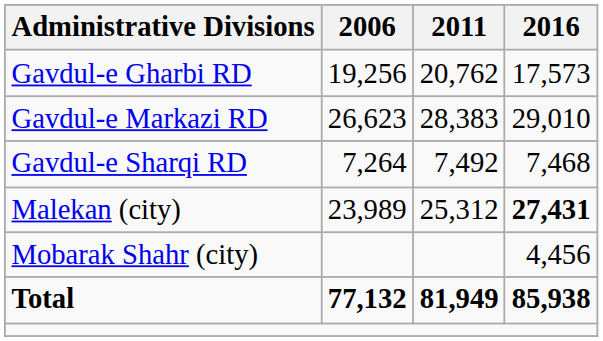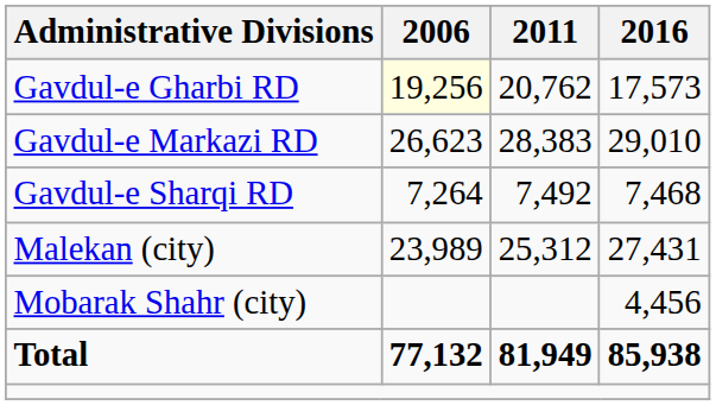 <table class="wikitable">
 <tr>
 <th>Administrative Divisions</th>
 <th>2006</th>
 <th>2011</th>
 <th>2016</th>
 </tr>
 <tr>
 <td><a href='#'>Gavdul-e Gharbi RD</a></td>
-<td style="text-align: right;">19,256</td>
+<td style="background: lightyellow; text-align: right;">19,256</td>
 <td style="text-align: right;">20,762</td>
 <td style="text-align: right;">17,573</td>
 </tr>
 <tr>
 <td><a href='#'>Gavdul-e Markazi RD</a></td>
 <td style="text-align: right;">26,623</td>
 <td style="text-align: right;">28,383</td>
 <td style="text-align: right;">29,010</td>
 </tr>
 <tr>
 <td><a href='#'>Gavdul-e Sharqi RD</a></td>
 <td style="text-align: right;">7,264</td>
 <td style="text-align: right;">7,492</td>
 <td style="text-align: right;">7,468</td>
 </tr>
 <tr>
 <td><a href='#'>Malekan</a> (city)</td>
 <td style="text-align: right;">23,989</td>
 <td style="text-align: right;">25,312</td>
-<td style="text-align: right;"><strong>27,431</strong></td>
+<td style="text-align: right;">27,431</td>
 </tr>
 <tr>
 <td><a href='#'>Mobarak Shahr</a> (city)</td>
 <td style="text-align: right;"></td>
 <td style="text-align: right;"></td>
 <td style="text-align: right;">4,456</td>
 </tr>
 <tr>
 <td><strong>Total</strong></td>
 <td style="text-align: right;"><strong>77,132</strong></td>
 <td style="text-align: right;"><strong>81,949</strong></td>
 <td style="text-align: right;"><strong>85,938</strong></td>
 </tr>
 <tr>
 <td colspan=4></td>
 </tr>
 </table>
